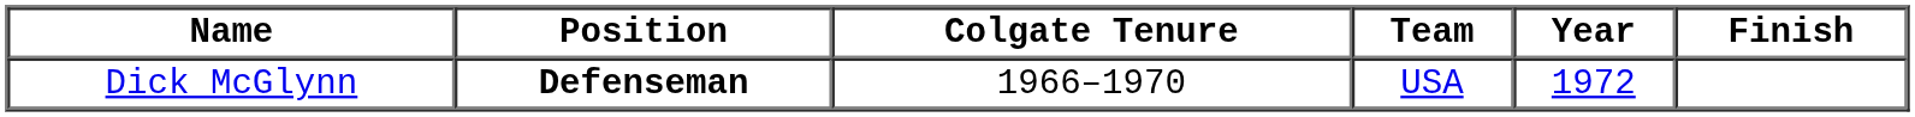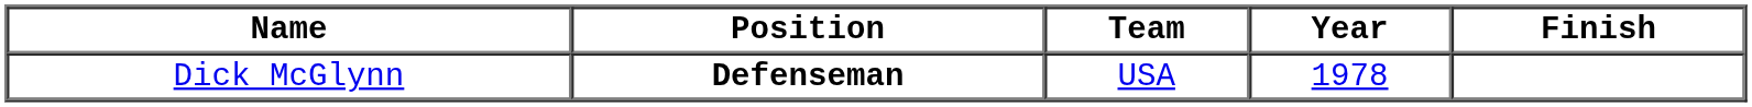 <table cellpadding="1" border="1" cellspacing="0" width="80%">
 <tr>
 <th>Name</th>
 <th>Position</th>
-<th>Colgate Tenure</th>
 <th>Team</th>
 <th>Year</th>
 <th>Finish</th>
 </tr>
 <tr align="center">
 <td><a href='#'>Dick McGlynn</a></td>
 <td><strong>Defenseman</strong></td>
-<td>1966–1970</td>
 <td> <a href='#'>USA</a></td>
-<td><a href='#'>1972</a></td>
+<td><a href='#'>1978</a></td>
 <td></td>
 </tr>
 </table>
